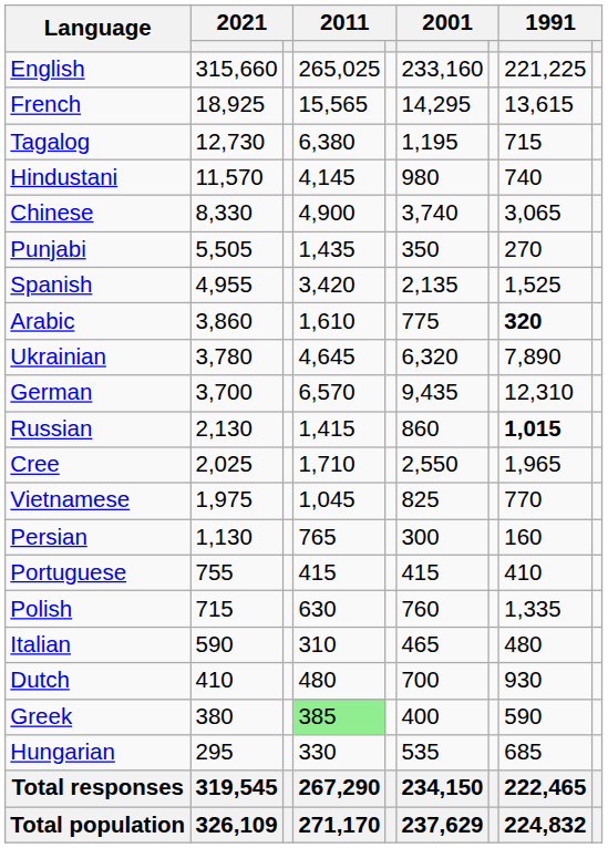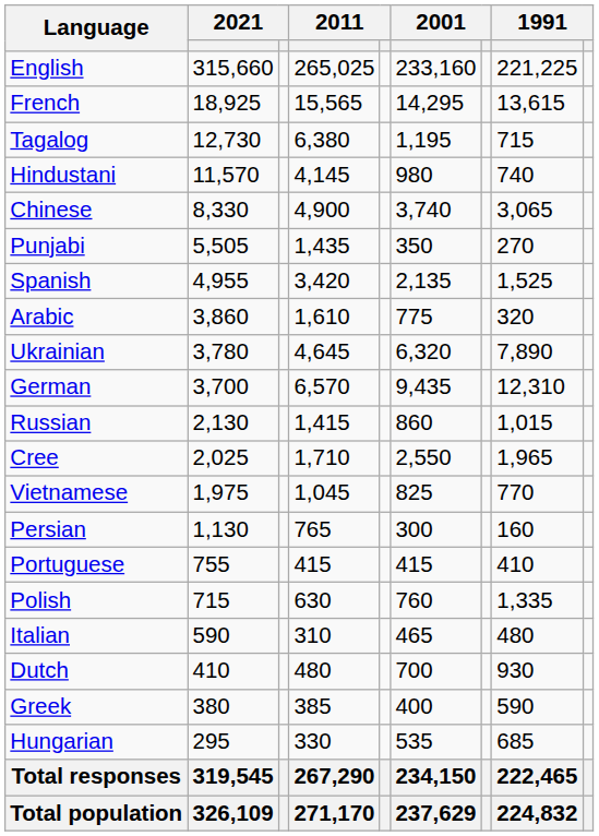 <table class="wikitable collapsible sortable">
 <tr>
 <th rowspan="2">Language</th>
 <th colspan="2">2021</th>
 <th colspan="2">2011</th>
 <th colspan="2">2001</th>
 <th colspan="2">1991</th>
 </tr>
 <tr>
 <th><a href='#'></a></th>
 <th></th>
 <th></th>
 <th></th>
 <th></th>
 <th></th>
 <th></th>
 <th></th>
 </tr>
 <tr>
 <td><a href='#'>English</a></td>
 <td>315,660</td>
 <td></td>
 <td>265,025</td>
 <td></td>
 <td>233,160</td>
 <td></td>
 <td>221,225</td>
 <td></td>
 </tr>
 <tr>
 <td><a href='#'>French</a></td>
 <td>18,925</td>
 <td></td>
 <td>15,565</td>
 <td></td>
 <td>14,295</td>
 <td></td>
 <td>13,615</td>
 <td></td>
 </tr>
 <tr>
 <td><a href='#'>Tagalog</a></td>
 <td>12,730</td>
 <td></td>
 <td>6,380</td>
 <td></td>
 <td>1,195</td>
 <td></td>
 <td>715</td>
 <td></td>
 </tr>
 <tr>
 <td><a href='#'>Hindustani</a></td>
 <td>11,570</td>
 <td></td>
 <td>4,145</td>
 <td></td>
 <td>980</td>
 <td></td>
 <td>740</td>
 <td></td>
 </tr>
 <tr>
 <td><a href='#'>Chinese</a></td>
 <td>8,330</td>
 <td></td>
 <td>4,900</td>
 <td></td>
 <td>3,740</td>
 <td></td>
 <td>3,065</td>
 <td></td>
 </tr>
 <tr>
 <td><a href='#'>Punjabi</a></td>
 <td>5,505</td>
 <td></td>
 <td>1,435</td>
 <td></td>
 <td>350</td>
 <td></td>
 <td>270</td>
 <td></td>
 </tr>
 <tr>
 <td><a href='#'>Spanish</a></td>
 <td>4,955</td>
 <td></td>
 <td>3,420</td>
 <td></td>
 <td>2,135</td>
 <td></td>
 <td>1,525</td>
 <td></td>
 </tr>
 <tr>
 <td><a href='#'>Arabic</a></td>
 <td>3,860</td>
 <td></td>
 <td>1,610</td>
 <td></td>
 <td>775</td>
 <td></td>
-<td><strong>320</strong></td>
+<td>320</td>
 <td></td>
 </tr>
 <tr>
 <td><a href='#'>Ukrainian</a></td>
 <td>3,780</td>
 <td></td>
 <td>4,645</td>
 <td></td>
 <td>6,320</td>
 <td></td>
 <td>7,890</td>
 <td></td>
 </tr>
 <tr>
 <td><a href='#'>German</a></td>
 <td>3,700</td>
 <td></td>
 <td>6,570</td>
 <td></td>
 <td>9,435</td>
 <td></td>
 <td>12,310</td>
 <td></td>
 </tr>
 <tr>
 <td><a href='#'>Russian</a></td>
 <td>2,130</td>
 <td></td>
 <td>1,415</td>
 <td></td>
 <td>860</td>
 <td></td>
-<td><strong>1,015</strong></td>
+<td>1,015</td>
 <td></td>
 </tr>
 <tr>
 <td><a href='#'>Cree</a></td>
 <td>2,025</td>
 <td></td>
 <td>1,710</td>
 <td></td>
 <td>2,550</td>
 <td></td>
 <td>1,965</td>
 <td></td>
 </tr>
 <tr>
 <td><a href='#'>Vietnamese</a></td>
 <td>1,975</td>
 <td></td>
 <td>1,045</td>
 <td></td>
 <td>825</td>
 <td></td>
 <td>770</td>
 <td></td>
 </tr>
 <tr>
 <td><a href='#'>Persian</a></td>
 <td>1,130</td>
 <td></td>
 <td>765</td>
 <td></td>
 <td>300</td>
 <td></td>
 <td>160</td>
 <td></td>
 </tr>
 <tr>
 <td><a href='#'>Portuguese</a></td>
 <td>755</td>
 <td></td>
 <td>415</td>
 <td></td>
 <td>415</td>
 <td></td>
 <td>410</td>
 <td></td>
 </tr>
 <tr>
 <td><a href='#'>Polish</a></td>
 <td>715</td>
 <td></td>
 <td>630</td>
 <td></td>
 <td>760</td>
 <td></td>
 <td>1,335</td>
 <td></td>
 </tr>
 <tr>
 <td><a href='#'>Italian</a></td>
 <td>590</td>
 <td></td>
 <td>310</td>
 <td></td>
 <td>465</td>
 <td></td>
 <td>480</td>
 <td></td>
 </tr>
 <tr>
 <td><a href='#'>Dutch</a></td>
 <td>410</td>
 <td></td>
 <td>480</td>
 <td></td>
 <td>700</td>
 <td></td>
 <td>930</td>
 <td></td>
 </tr>
 <tr>
 <td><a href='#'>Greek</a></td>
 <td>380</td>
 <td></td>
-<td style="background: lightgreen;">385</td>
+<td>385</td>
 <td></td>
 <td>400</td>
 <td></td>
 <td>590</td>
 <td></td>
 </tr>
 <tr>
 <td><a href='#'>Hungarian</a></td>
 <td>295</td>
 <td></td>
 <td>330</td>
 <td></td>
 <td>535</td>
 <td></td>
 <td>685</td>
 <td></td>
 </tr>
 <tr>
 <th>Total responses</th>
 <th>319,545</th>
 <th></th>
 <th>267,290</th>
 <th></th>
 <th>234,150</th>
 <th></th>
 <th>222,465</th>
 <th></th>
 </tr>
 <tr>
 <th>Total population</th>
 <th>326,109</th>
 <th></th>
 <th>271,170</th>
 <th></th>
 <th>237,629</th>
 <th></th>
 <th>224,832</th>
 <th></th>
 </tr>
 </table>
